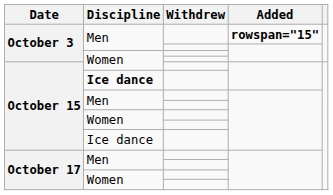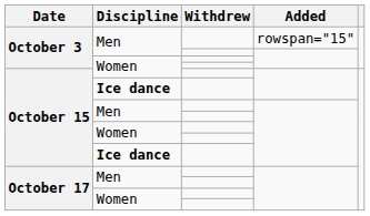 <table class="wikitable unsortable">
 <tr>
 <th scope="col">Date</th>
 <th scope="col">Discipline</th>
 <th scope="col">Withdrew</th>
 <th scope="col">Added</th>
 <th scope="col"></th>
 </tr>
 <tr>
 <th rowspan="4" scope="row" style="text-align:left">October 3</th>
 <td rowspan="2">Men</td>
 <td></td>
-<td><strong>rowspan="15" </strong></td>
+<td>rowspan="15" </td>
 <td rowspan="4"></td>
 </tr>
 <tr>
 <td></td>
 </tr>
 <tr>
 <td rowspan="3">Women</td>
 <td></td>
 </tr>
 <tr>
 <td></td>
 </tr>
 <tr>
 <th rowspan="7" scope="row" style="text-align:left">October 15</th>
 <td></td>
 <td rowspan="2"></td>
 </tr>
 <tr>
 <td><strong>Ice dance</strong></td>
 <td></td>
 </tr>
 <tr>
 <td rowspan="2">Men</td>
 <td></td>
 <td rowspan="5"></td>
 </tr>
 <tr>
 <td></td>
 </tr>
 <tr>
 <td rowspan="2">Women</td>
 <td></td>
 </tr>
 <tr>
 <td></td>
 </tr>
 <tr>
-<td>Ice dance</td>
+<td><strong>Ice dance</strong></td>
 <td></td>
 </tr>
 <tr>
 <th rowspan="4" scope="row" style="text-align:left">October 17</th>
 <td rowspan="2">Men</td>
 <td></td>
 <td rowspan="4"></td>
 </tr>
 <tr>
 <td></td>
 </tr>
 <tr>
 <td rowspan="2">Women</td>
 <td></td>
 </tr>
 <tr>
 <td></td>
 </tr>
 </table>
